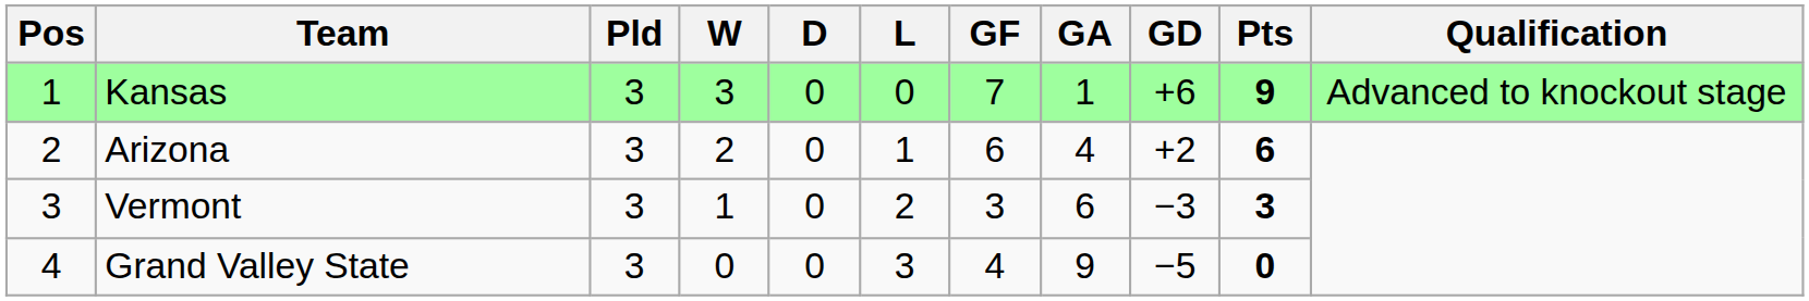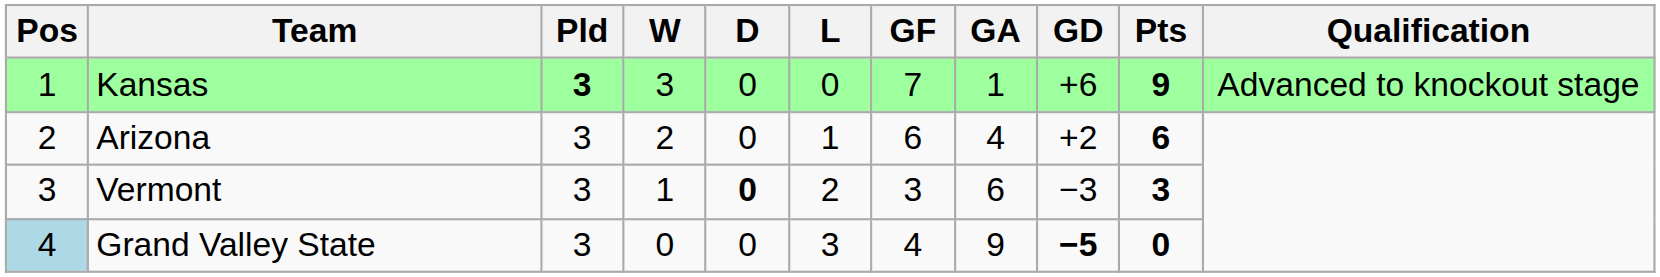 <table class="wikitable" style="text-align:center; margin: 1em auto">
 <tr>
 <th style=width:2em>Pos</th>
 <th style=width:13em>Team</th>
 <th style=width:2em>Pld</th>
 <th style=width:2em>W</th>
 <th style=width:2em>D</th>
 <th style=width:2em>L</th>
 <th style=width:2em>GF</th>
 <th style=width:2em>GA</th>
 <th style=width:2em>GD</th>
 <th style=width:2em>Pts</th>
 <th style=width:13em>Qualification</th>
 </tr>
 <tr bgcolor="#9eff9e">
 <td>1</td>
 <td style="text-align:left">Kansas</td>
-<td>3</td>
+<td><strong>3</strong></td>
 <td>3</td>
 <td>0</td>
 <td>0</td>
 <td>7</td>
 <td>1</td>
 <td>+6</td>
 <td><strong>9</strong></td>
 <td>Advanced to knockout stage</td>
 </tr>
 <tr>
 <td>2</td>
 <td style="text-align:left">Arizona</td>
 <td>3</td>
 <td>2</td>
 <td>0</td>
 <td>1</td>
 <td>6</td>
 <td>4</td>
 <td>+2</td>
 <td><strong>6</strong></td>
 <td rowspan="3"></td>
 </tr>
 <tr>
 <td>3</td>
 <td style="text-align:left">Vermont</td>
 <td>3</td>
 <td>1</td>
-<td>0</td>
+<td><strong>0</strong></td>
 <td>2</td>
 <td>3</td>
 <td>6</td>
 <td>−3</td>
 <td><strong>3</strong></td>
 </tr>
 <tr>
-<td>4</td>
+<td style="background: lightblue;">4</td>
 <td style="text-align:left">Grand Valley State</td>
 <td>3</td>
 <td>0</td>
 <td>0</td>
 <td>3</td>
 <td>4</td>
 <td>9</td>
-<td>−5</td>
+<td><strong>−5</strong></td>
 <td><strong>0</strong></td>
 </tr>
 </table>
